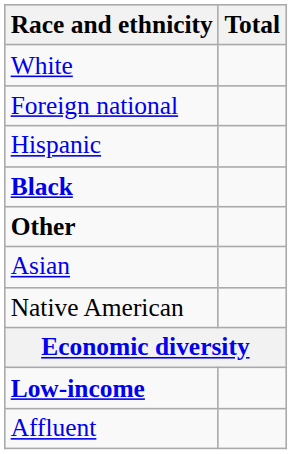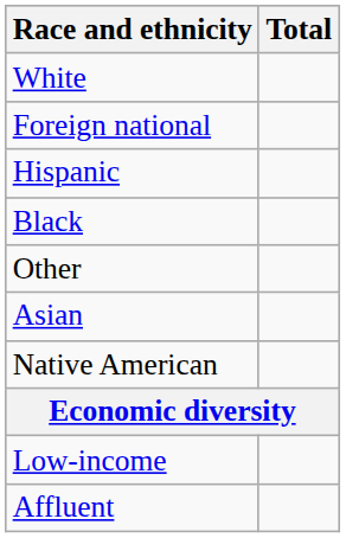 <table class="wikitable floatright sortable collapsible"; text-align:right; font-size:80%;">
 <tr>
 <th>Race and ethnicity</th>
 <th colspan="2" data-sort-type=number>Total</th>
 </tr>
 <tr>
 <td><a href='#'>White</a></td>
 <td align=right></td>
 </tr>
 <tr>
 <td><a href='#'>Foreign national</a></td>
 <td align=right></td>
 </tr>
 <tr>
 <td><a href='#'>Hispanic</a></td>
 <td align=right></td>
 </tr>
 <tr>
-<td><strong><a href='#'>Black</a></strong></td>
+<td><a href='#'>Black</a></td>
 <td align=right></td>
 </tr>
 <tr>
-<td><strong>Other</strong></td>
+<td>Other</td>
 <td align=right></td>
 </tr>
 <tr>
 <td><a href='#'>Asian</a></td>
 <td align=right></td>
 </tr>
 <tr>
 <td>Native American</td>
 <td align=right></td>
 </tr>
 <tr>
 <th colspan="4" data-sort-type=number><a href='#'>Economic diversity</a></th>
 </tr>
 <tr>
-<td><strong><a href='#'>Low-income</a></strong></td>
+<td><a href='#'>Low-income</a></td>
 <td align=right></td>
 </tr>
 <tr>
 <td><a href='#'>Affluent</a></td>
 <td align=right></td>
 </tr>
 </table>
